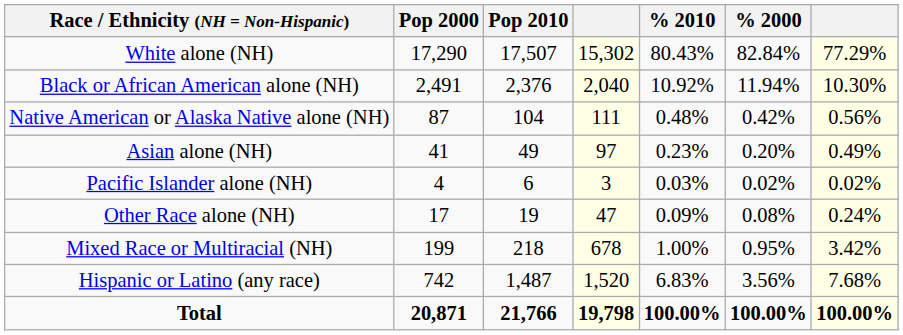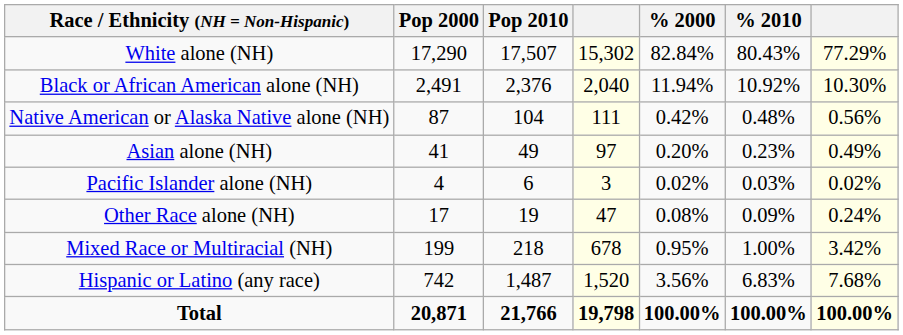 <table class="wikitable" style="text-align:center;">
 <tr>
 <th>Race / Ethnicity <small>(<em>NH = Non-Hispanic</em>)</small></th>
 <th>Pop 2000</th>
 <th>Pop 2010</th>
 <th></th>
+<th>% 2000</th>
 <th>% 2010</th>
-<th>% 2000</th>
 <th></th>
 </tr>
 <tr>
 <td><a href='#'>White</a> alone (NH)</td>
 <td>17,290</td>
 <td>17,507</td>
 <td style='background: #ffffe6;'>15,302</td>
+<td>82.84%</td>
 <td>80.43%</td>
-<td>82.84%</td>
 <td style='background: #ffffe6;'>77.29%</td>
 </tr>
 <tr>
 <td><a href='#'>Black or African American</a> alone (NH)</td>
 <td>2,491</td>
 <td>2,376</td>
 <td style='background: #ffffe6;'>2,040</td>
+<td>11.94%</td>
 <td>10.92%</td>
-<td>11.94%</td>
 <td style='background: #ffffe6;'>10.30%</td>
 </tr>
 <tr>
 <td><a href='#'>Native American</a> or <a href='#'>Alaska Native</a> alone (NH)</td>
 <td>87</td>
 <td>104</td>
 <td style='background: #ffffe6;'>111</td>
+<td>0.42%</td>
 <td>0.48%</td>
-<td>0.42%</td>
 <td style='background: #ffffe6;'>0.56%</td>
 </tr>
 <tr>
 <td><a href='#'>Asian</a> alone (NH)</td>
 <td>41</td>
 <td>49</td>
 <td style='background: #ffffe6;'>97</td>
+<td>0.20%</td>
 <td>0.23%</td>
-<td>0.20%</td>
 <td style='background: #ffffe6;'>0.49%</td>
 </tr>
 <tr>
 <td><a href='#'>Pacific Islander</a> alone (NH)</td>
 <td>4</td>
 <td>6</td>
 <td style='background: #ffffe6;'>3</td>
+<td>0.02%</td>
 <td>0.03%</td>
-<td>0.02%</td>
 <td style='background: #ffffe6;'>0.02%</td>
 </tr>
 <tr>
 <td><a href='#'>Other Race</a> alone (NH)</td>
 <td>17</td>
 <td>19</td>
 <td style='background: #ffffe6;'>47</td>
+<td>0.08%</td>
 <td>0.09%</td>
-<td>0.08%</td>
 <td style='background: #ffffe6;'>0.24%</td>
 </tr>
 <tr>
 <td><a href='#'>Mixed Race or Multiracial</a> (NH)</td>
 <td>199</td>
 <td>218</td>
 <td style='background: #ffffe6;'>678</td>
+<td>0.95%</td>
 <td>1.00%</td>
-<td>0.95%</td>
 <td style='background: #ffffe6;'>3.42%</td>
 </tr>
 <tr>
 <td><a href='#'>Hispanic or Latino</a> (any race)</td>
 <td>742</td>
 <td>1,487</td>
 <td style='background: #ffffe6;'>1,520</td>
+<td>3.56%</td>
 <td>6.83%</td>
-<td>3.56%</td>
 <td style='background: #ffffe6;'>7.68%</td>
 </tr>
 <tr>
 <td><strong>Total</strong></td>
 <td><strong>20,871</strong></td>
 <td><strong>21,766</strong></td>
 <td style='background: #ffffe6;'><strong>19,798</strong></td>
 <td><strong>100.00%</strong></td>
 <td><strong>100.00%</strong></td>
 <td style='background: #ffffe6;'><strong>100.00%</strong></td>
 </tr>
 </table>
